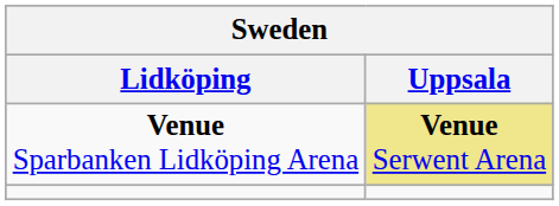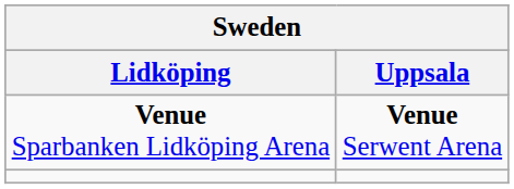 <table class=wikitable style="text-align:center; font-size:90%;">
 <tr>
 <th colspan=2>Sweden</th>
 </tr>
 <tr>
 <th><a href='#'>Lidköping</a></th>
 <th><a href='#'>Uppsala</a></th>
 </tr>
 <tr>
 <td><strong>Venue</strong><br><a href='#'>Sparbanken Lidköping Arena</a></td>
-<td style="background: khaki;"><strong>Venue</strong><br><a href='#'>Serwent Arena</a></td>
+<td><strong>Venue</strong><br><a href='#'>Serwent Arena</a></td>
 </tr>
 <tr>
 <td></td>
 </tr>
 </table>
